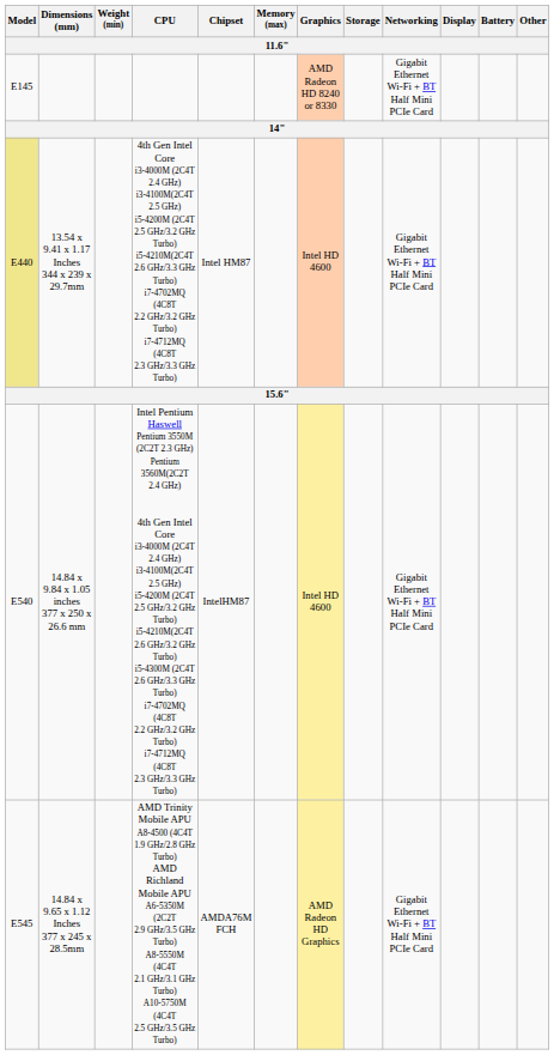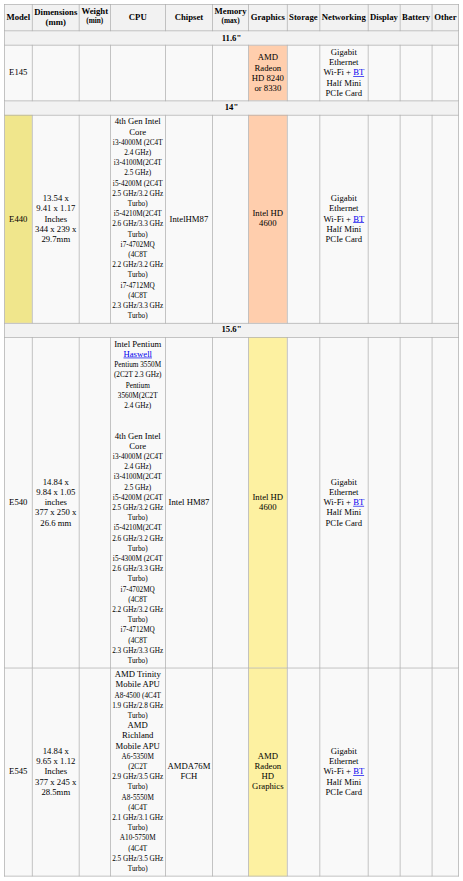 <table class="wikitable" style="font-size: 80%; text-align: center; min-width: 80%;">
 <tr>
 <th>Model</th>
 <th>Dimensions (mm)</th>
 <th>Weight <sup>(min)</sup></th>
 <th style="width:17%">CPU</th>
 <th>Chipset</th>
 <th>Memory <sup>(max)</sup></th>
 <th>Graphics</th>
 <th>Storage</th>
 <th>Networking</th>
 <th>Display</th>
 <th>Battery</th>
 <th>Other</th>
 </tr>
 <tr>
 <th colspan="12">11.6"</th>
 </tr>
 <tr>
 <td>E145</td>
 <td></td>
 <td></td>
 <td></td>
 <td></td>
 <td></td>
 <td style="background:#ffcead;">AMD Radeon HD 8240 or 8330</td>
 <td></td>
 <td>Gigabit Ethernet<br>Wi-Fi + <a href='#'>BT</a> Half Mini PCIe Card</td>
 <td></td>
 <td></td>
 <td></td>
 </tr>
 <tr>
 <th colspan="12">14"</th>
 </tr>
 <tr>
 <td style="background: khaki;">E440</td>
 <td>13.54 x 9.41 x 1.17 Inches <br> 344 x 239 x 29.7mm</td>
 <td></td>
 <td style="background:">4th Gen Intel Core <br><small>i3-4000M (2C4T 2.4 GHz)<br> i3-4100M(2C4T 2.5 GHz)<br>i5-4200M (2C4T 2.5 GHz/3.2 GHz Turbo)<br> i5-4210M(2C4T 2.6 GHz/3.3 GHz Turbo)<br>i7-4702MQ (4C8T 2.2 GHz/3.2 GHz Turbo)<br> i7-4712MQ (4C8T 2.3 GHz/3.3 GHz Turbo)</small></td>
-<td>Intel HM87</td>
+<td>IntelHM87</td>
 <td></td>
 <td style="background:#ffcead;">Intel HD 4600</td>
 <td></td>
 <td>Gigabit Ethernet<br>Wi-Fi + <a href='#'>BT</a> Half Mini PCIe Card</td>
 <td></td>
 <td></td>
 <td></td>
 </tr>
 <tr>
 <th colspan="12">15.6"</th>
 </tr>
 <tr>
 <td>E540</td>
 <td>14.84 x 9.84 x 1.05 inches<br> 377 x 250 x 26.6 mm</td>
 <td></td>
 <td style="background:">Intel Pentium <a href='#'>Haswell</a> <br><small> Pentium 3550M (2C2T 2.3 GHz)<br> Pentium 3560M(2C2T 2.4 GHz)<br></small><br><br>4th Gen Intel Core <br><small>i3-4000M (2C4T 2.4 GHz)<br> i3-4100M(2C4T 2.5 GHz)<br>i5-4200M (2C4T 2.5 GHz/3.2 GHz Turbo)<br> i5-4210M(2C4T 2.6 GHz/3.2 GHz Turbo)<br>i5-4300M (2C4T 2.6 GHz/3.3 GHz Turbo) <br>i7-4702MQ (4C8T 2.2 GHz/3.2 GHz Turbo)<br> i7-4712MQ (4C8T 2.3 GHz/3.3 GHz Turbo)</small><br></td>
-<td>IntelHM87</td>
+<td>Intel HM87</td>
 <td></td>
 <td style="background:#fdf1a1;">Intel HD 4600<br> </td>
 <td></td>
 <td>Gigabit Ethernet<br>Wi-Fi + <a href='#'>BT</a> Half Mini PCIe Card<br><small></small></td>
 <td></td>
 <td></td>
 <td></td>
 </tr>
 <tr>
 <td>E545</td>
 <td>14.84 x 9.65 x 1.12 Inches<br> 377 x 245 x 28.5mm</td>
 <td></td>
 <td style="background:">AMD Trinity Mobile APU<br><small>A8-4500 (4C4T 1.9 GHz/2.8 GHz Turbo)</small><br>AMD Richland Mobile APU<br><small>A6-5350M (2C2T 2.9 GHz/3.5 GHz Turbo)<br> A8-5550M (4C4T 2.1 GHz/3.1 GHz Turbo)<br>A10-5750M (4C4T 2.5 GHz/3.5 GHz Turbo)</small></td>
 <td>AMDA76M FCH</td>
 <td></td>
 <td style="background:#fdf1a1;">AMD Radeon HD Graphics<br> </td>
 <td></td>
 <td>Gigabit Ethernet<br>Wi-Fi + <a href='#'>BT</a> Half Mini PCIe Card</td>
 <td></td>
 <td></td>
 <td></td>
 </tr>
 </table>
